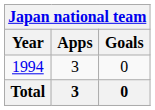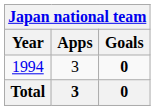 <table class="wikitable" style="text-align:center">
 <tr>
 <th colspan=3><a href='#'>Japan national team</a></th>
 </tr>
 <tr>
 <th>Year</th>
 <th>Apps</th>
 <th>Goals</th>
 </tr>
 <tr>
 <td><a href='#'>1994</a></td>
 <td>3</td>
-<td>0</td>
+<td><strong>0</strong></td>
 </tr>
 <tr>
 <th>Total</th>
 <th>3</th>
 <th>0</th>
 </tr>
 </table>
